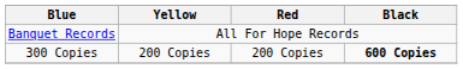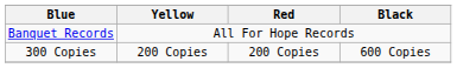 <table class="wikitable" style="text-align:center">
 <tr>
 </tr>
 <tr>
 <th width=25%>Blue</th>
 <th width=25%>Yellow</th>
 <th width=25%>Red</th>
 <th width=25%>Black</th>
 </tr>
 <tr>
 <td><a href='#'>Banquet Records</a></td>
 <td colspan="3">All For Hope Records</td>
 </tr>
 <tr>
 <td>300 Copies</td>
 <td>200 Copies</td>
 <td>200 Copies</td>
-<td><strong>600 Copies</strong></td>
+<td>600 Copies</td>
 </tr>
 <tr>
 </tr>
 </table>
